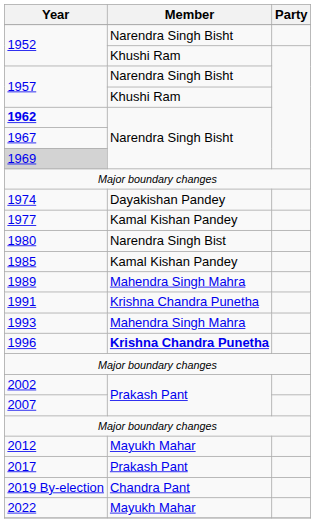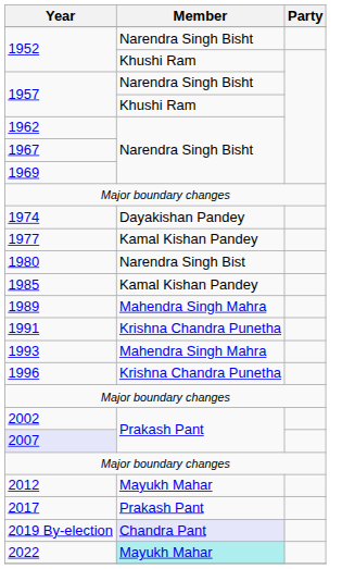 <table class="wikitable sortable">
 <tr>
 <th>Year</th>
 <th>Member</th>
 <th colspan="2">Party</th>
 </tr>
 <tr>
 </tr>
 <tr>
 <td rowspan="2"><a href='#'>1952</a></td>
 <td>Narendra Singh Bisht</td>
 <td></td>
 </tr>
 <tr>
 <td>Khushi Ram</td>
 </tr>
 <tr>
 <td rowspan="2"><a href='#'>1957</a></td>
 <td>Narendra Singh Bisht</td>
 </tr>
 <tr>
 <td>Khushi Ram</td>
 </tr>
 <tr>
-<td><strong><a href='#'>1962</a></strong></td>
+<td><a href='#'>1962</a></td>
 <td rowspan=3>Narendra Singh Bisht</td>
 </tr>
 <tr>
 <td><a href='#'>1967</a></td>
 </tr>
 <tr>
-<td style="background: lightgrey;"><a href='#'>1969</a></td>
+<td><a href='#'>1969</a></td>
 </tr>
 <tr>
 <td colspan=7 align=center><small><em>Major boundary changes</em></small></td>
 </tr>
 <tr>
 <td><a href='#'>1974</a></td>
 <td>Dayakishan Pandey</td>
 <td></td>
 </tr>
 <tr>
 <td><a href='#'>1977</a></td>
 <td>Kamal Kishan Pandey</td>
 <td></td>
 </tr>
 <tr>
 <td><a href='#'>1980</a></td>
 <td>Narendra Singh Bist</td>
 <td></td>
 </tr>
 <tr>
 <td><a href='#'>1985</a></td>
 <td>Kamal Kishan Pandey</td>
 <td></td>
 </tr>
 <tr>
 <td><a href='#'>1989</a></td>
 <td><a href='#'>Mahendra Singh Mahra</a></td>
 <td></td>
 </tr>
 <tr>
 <td><a href='#'>1991</a></td>
 <td><a href='#'>Krishna Chandra Punetha</a></td>
 <td></td>
 </tr>
 <tr>
 <td><a href='#'>1993</a></td>
 <td><a href='#'>Mahendra Singh Mahra</a></td>
 <td></td>
 </tr>
 <tr>
 <td><a href='#'>1996</a></td>
-<td><strong><a href='#'>Krishna Chandra Punetha</a></strong></td>
+<td><a href='#'>Krishna Chandra Punetha</a></td>
 <td></td>
 </tr>
 <tr>
 <td colspan=7 align=center><small><em>Major boundary changes</em></small></td>
 </tr>
 <tr>
 <td><a href='#'>2002</a></td>
 <td rowspan=2><a href='#'>Prakash Pant</a></td>
 <td></td>
 </tr>
 <tr>
-<td><a href='#'>2007</a></td>
+<td style="background: lavender;"><a href='#'>2007</a></td>
 </tr>
 <tr>
 <td colspan=7 align=center><small><em>Major boundary changes</em></small></td>
 </tr>
 <tr>
 <td><a href='#'>2012</a></td>
 <td><a href='#'>Mayukh Mahar</a></td>
 <td></td>
 </tr>
 <tr>
 <td><a href='#'>2017</a></td>
 <td><a href='#'>Prakash Pant</a></td>
 <td></td>
 </tr>
 <tr>
 <td><a href='#'>2019 By-election</a></td>
-<td><a href='#'>Chandra Pant</a></td>
+<td style="background: lavender;"><a href='#'>Chandra Pant</a></td>
 </tr>
 <tr>
 <td><a href='#'>2022</a></td>
-<td><a href='#'>Mayukh Mahar</a></td>
+<td style="background: paleturquoise;"><a href='#'>Mayukh Mahar</a></td>
 <td></td>
 </tr>
 <tr>
 </tr>
 </table>
